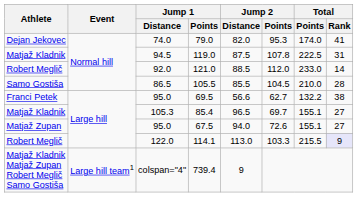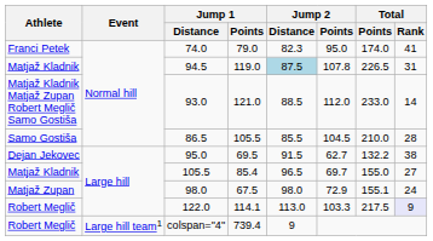 <table class="wikitable" style="font-size:90%">
 <tr>
 <th rowspan="2">Athlete</th>
 <th rowspan="2">Event</th>
 <th colspan="2">Jump 1</th>
 <th colspan="2">Jump 2</th>
 <th colspan="2">Total</th>
 </tr>
 <tr>
 <th>Distance</th>
 <th>Points</th>
 <th>Distance</th>
 <th>Points</th>
 <th>Points</th>
 <th>Rank</th>
 </tr>
 <tr>
-<td><a href='#'>Dejan Jekovec</a></td>
+<td><a href='#'>Franci Petek</a></td>
 <td rowspan="4"><a href='#'>Normal hill</a></td>
 <td align="center">74.0</td>
 <td align="center">79.0</td>
-<td align="center">82.0</td>
-<td align="center">95.3</td>
+<td align="center">82.3</td>
+<td align="center">95.0</td>
 <td align="center">174.0</td>
 <td align="center">41</td>
 </tr>
 <tr>
 <td><a href='#'>Matjaž Kladnik</a></td>
 <td align="center">94.5</td>
 <td align="center">119.0</td>
-<td align="center">87.5</td>
+<td align="center" style="background: lightblue;">87.5</td>
 <td align="center">107.8</td>
-<td align="center">222.5</td>
+<td align="center">226.5</td>
 <td align="center">31</td>
 </tr>
 <tr>
-<td><a href='#'>Robert Meglič</a></td>
-<td align="center">92.0</td>
+<td><a href='#'>Matjaž Kladnik</a><br><a href='#'>Matjaž Zupan</a><br><a href='#'>Robert Meglič</a><br><a href='#'>Samo Gostiša</a></td>
+<td align="center">93.0</td>
 <td align="center">121.0</td>
 <td align="center">88.5</td>
 <td align="center">112.0</td>
 <td align="center">233.0</td>
 <td align="center">14</td>
 </tr>
 <tr>
 <td><a href='#'>Samo Gostiša</a></td>
 <td align="center">86.5</td>
 <td align="center">105.5</td>
 <td align="center">85.5</td>
 <td align="center">104.5</td>
 <td align="center">210.0</td>
 <td align="center">28</td>
 </tr>
 <tr>
-<td><a href='#'>Franci Petek</a></td>
+<td><a href='#'>Dejan Jekovec</a></td>
 <td rowspan="4"><a href='#'>Large hill</a></td>
 <td align="center">95.0</td>
 <td align="center">69.5</td>
-<td align="center">56.6</td>
+<td align="center">91.5</td>
 <td align="center">62.7</td>
 <td align="center">132.2</td>
 <td align="center">38</td>
 </tr>
 <tr>
 <td><a href='#'>Matjaž Kladnik</a></td>
-<td align="center">105.3</td>
+<td align="center">105.5</td>
 <td align="center">85.4</td>
 <td align="center">96.5</td>
 <td align="center">69.7</td>
-<td align="center">155.1</td>
+<td align="center">155.0</td>
 <td align="center">27</td>
 </tr>
 <tr>
 <td><a href='#'>Matjaž Zupan</a></td>
-<td align="center">95.0</td>
+<td align="center">98.0</td>
 <td align="center">67.5</td>
-<td align="center">94.0</td>
-<td align="center">72.6</td>
+<td align="center">98.0</td>
+<td align="center">72.9</td>
 <td align="center">155.1</td>
-<td align="center">27</td>
+<td align="center">24</td>
 </tr>
 <tr>
 <td><a href='#'>Robert Meglič</a></td>
 <td align="center">122.0</td>
 <td align="center">114.1</td>
 <td align="center">113.0</td>
 <td align="center">103.3</td>
-<td align="center">215.5</td>
+<td align="center">217.5</td>
 <td align="center" style="background: lavender;">9</td>
 </tr>
 <tr>
-<td><a href='#'>Matjaž Kladnik</a><br><a href='#'>Matjaž Zupan</a><br><a href='#'>Robert Meglič</a><br><a href='#'>Samo Gostiša</a></td>
+<td><a href='#'>Robert Meglič</a></td>
 <td><a href='#'>Large hill team</a><sup>1</sup></td>
 <td>colspan="4" </td>
 <td align=center>739.4</td>
 <td align=center>9</td>
 </tr>
 </table>
